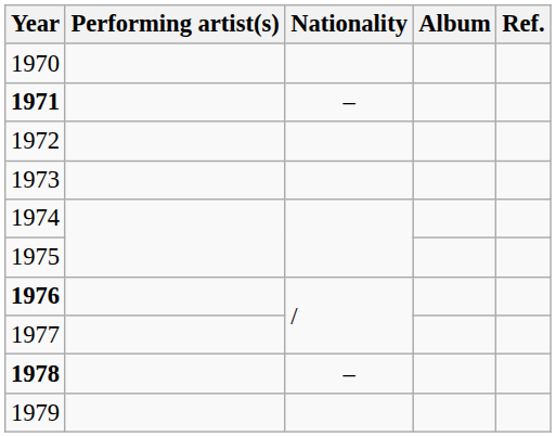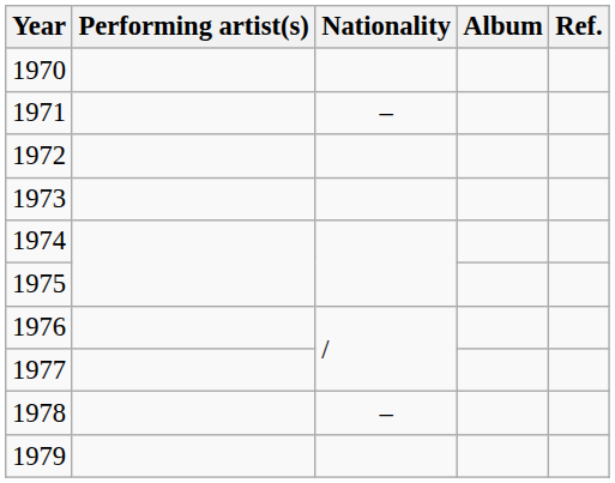 <table class="wikitable sortable">
 <tr>
 <th>Year</th>
 <th>Performing artist(s)</th>
 <th>Nationality</th>
 <th>Album</th>
 <th class=unsortable>Ref.</th>
 </tr>
 <tr>
 <td style="text-align:center;">1970</td>
 <td></td>
 <td></td>
 <td></td>
 <td style="text-align:center;"></td>
 </tr>
 <tr>
-<td style="text-align:center;"><strong>1971</strong></td>
+<td style="text-align:center;">1971</td>
 <td></td>
 <td style="text-align:center;">–</td>
 <td></td>
 <td style="text-align:center;"></td>
 </tr>
 <tr>
 <td style="text-align:center;">1972</td>
 <td></td>
 <td></td>
 <td></td>
 <td style="text-align:center;"></td>
 </tr>
 <tr>
 <td style="text-align:center;">1973</td>
 <td></td>
 <td></td>
 <td></td>
 <td style="text-align:center;"></td>
 </tr>
 <tr>
 <td style="text-align:center;">1974</td>
 <td rowspan="2"></td>
 <td rowspan="2"></td>
 <td></td>
 <td style="text-align:center;"></td>
 </tr>
 <tr>
 <td style="text-align:center;">1975</td>
 <td></td>
 <td style="text-align:center;"></td>
 </tr>
 <tr>
-<td style="text-align:center;"><strong>1976</strong></td>
+<td style="text-align:center;">1976</td>
 <td></td>
 <td rowspan="2"> / </td>
 <td></td>
 <td style="text-align:center;"></td>
 </tr>
 <tr>
 <td style="text-align:center;">1977</td>
 <td></td>
 <td></td>
 <td style="text-align:center;"></td>
 </tr>
 <tr>
-<td style="text-align:center;"><strong>1978</strong></td>
+<td style="text-align:center;">1978</td>
 <td></td>
 <td style="text-align:center;">–</td>
 <td></td>
 <td style="text-align:center;"></td>
 </tr>
 <tr>
 <td style="text-align:center;">1979</td>
 <td></td>
 <td></td>
 <td></td>
 <td style="text-align:center;"></td>
 </tr>
 </table>
